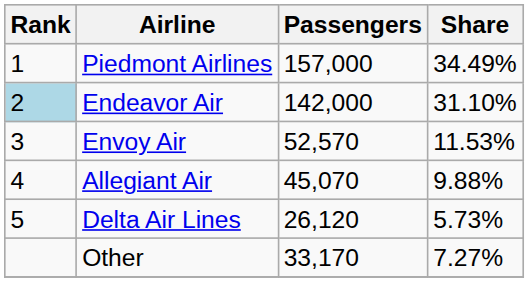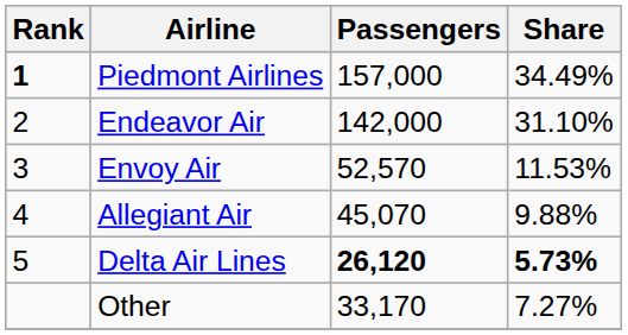 <table class="wikitable sortable" style="font-size: 95%">
 <tr>
 <th>Rank</th>
 <th>Airline</th>
 <th>Passengers</th>
 <th>Share</th>
 </tr>
 <tr>
-<td>1</td>
+<td><strong>1</strong></td>
 <td><a href='#'>Piedmont Airlines</a></td>
 <td>157,000</td>
 <td>34.49%</td>
 </tr>
 <tr>
-<td style="background: lightblue;">2</td>
+<td>2</td>
 <td><a href='#'>Endeavor Air</a></td>
 <td>142,000</td>
 <td>31.10%</td>
 </tr>
 <tr>
 <td>3</td>
 <td><a href='#'>Envoy Air</a></td>
 <td>52,570</td>
 <td>11.53%</td>
 </tr>
 <tr>
 <td>4</td>
 <td><a href='#'>Allegiant Air</a></td>
 <td>45,070</td>
 <td>9.88%</td>
 </tr>
 <tr>
 <td>5</td>
 <td><a href='#'>Delta Air Lines</a></td>
-<td>26,120</td>
-<td>5.73%</td>
+<td><strong>26,120</strong></td>
+<td><strong>5.73%</strong></td>
 </tr>
 <tr>
 <td></td>
 <td>Other</td>
 <td>33,170</td>
 <td>7.27%</td>
 </tr>
 <tr>
 </tr>
 </table>
